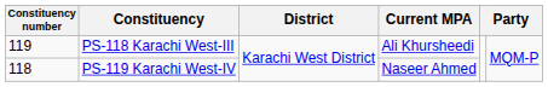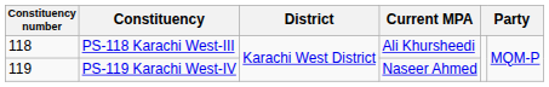 <table class="wikitable">
 <tr>
 <th width="50px" style="font-size:75%">Constituency number</th>
 <th>Constituency</th>
 <th>District</th>
 <th>Current MPA</th>
 <th colspan="2">Party</th>
 </tr>
 <tr>
-<td>119</td>
+<td>118</td>
 <td><a href='#'>PS-118 Karachi West-III</a></td>
 <td rowspan="2"><a href='#'> Karachi West District</a></td>
 <td><a href='#'>Ali Khursheedi</a></td>
 <td rowspan="2"></td>
 <td rowspan="2"><a href='#'>MQM-P</a></td>
 </tr>
 <tr>
-<td>118</td>
+<td>119</td>
 <td><a href='#'>PS-119 Karachi West-IV</a></td>
 <td><a href='#'>Naseer Ahmed</a></td>
 </tr>
 </table>
